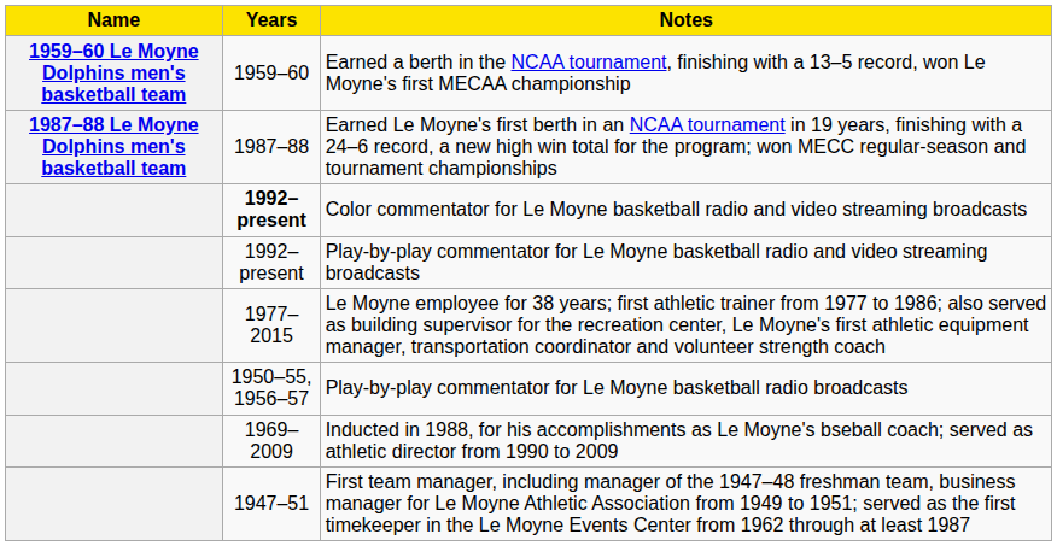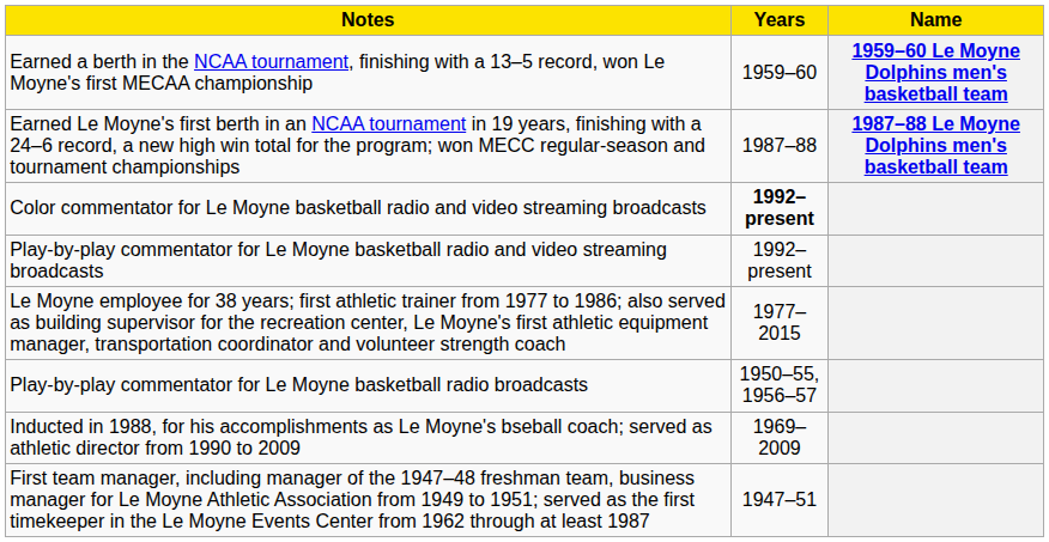 <table class=wikitable>
 <tr>
+<th class="unsortable" style="background-color:#fce300;"><span>Notes</span></th>
+<th style="background-color:#fce300;"><span>Years</span></th>
 <th style="background-color:#fce300;"><span>Name</span></th>
-<th style="background-color:#fce300;"><span>Years</span></th>
-<th class="unsortable" style="background-color:#fce300;"><span>Notes</span></th>
 </tr>
 <tr>
+<td>Earned a berth in the <a href='#'>NCAA tournament</a>, finishing with a 13–5 record, won Le Moyne's first MECAA championship</td>
+<td style="white-space: nowrap; text-align:center">1959–60</td>
 <th style="text-align:center"><a href='#'>1959–60 Le Moyne Dolphins men's basketball team</a></th>
-<td style="white-space: nowrap; text-align:center">1959–60</td>
-<td>Earned a berth in the <a href='#'>NCAA tournament</a>, finishing with a 13–5 record, won Le Moyne's first MECAA championship</td>
 </tr>
 <tr>
+<td>Earned Le Moyne's first berth in an <a href='#'>NCAA tournament</a> in 19 years, finishing with a 24–6 record, a new high win total for the program; won MECC regular-season and tournament championships</td>
+<td style="text-align:center">1987–88</td>
 <th style="text-align:center"><a href='#'>1987–88 Le Moyne Dolphins men's basketball team</a></th>
-<td style="text-align:center">1987–88</td>
-<td>Earned Le Moyne's first berth in an <a href='#'>NCAA tournament</a> in 19 years, finishing with a 24–6 record, a new high win total for the program; won MECC regular-season and tournament championships</td>
 </tr>
 <tr>
+<td>Color commentator for Le Moyne basketball radio and video streaming broadcasts</td>
+<td style="text-align:center"><strong>1992–present</strong></td>
 <th style="text-align:center"></th>
-<td style="text-align:center"><strong>1992–present</strong></td>
-<td>Color commentator for Le Moyne basketball radio and video streaming broadcasts</td>
 </tr>
 <tr>
+<td>Play-by-play commentator for Le Moyne basketball radio and video streaming broadcasts</td>
+<td style="text-align:center">1992–present</td>
 <th style="text-align:center"></th>
-<td style="text-align:center">1992–present</td>
-<td>Play-by-play commentator for Le Moyne basketball radio and video streaming broadcasts</td>
 </tr>
 <tr>
+<td>Le Moyne employee for 38 years; first athletic trainer from 1977 to 1986; also served as building supervisor for the recreation center, Le Moyne's first athletic equipment manager, transportation coordinator and volunteer strength coach</td>
+<td style="text-align:center">1977–2015</td>
 <th style="text-align:center"></th>
-<td style="text-align:center">1977–2015</td>
-<td>Le Moyne employee for 38 years; first athletic trainer from 1977 to 1986; also served as building supervisor for the recreation center, Le Moyne's first athletic equipment manager, transportation coordinator and volunteer strength coach</td>
 </tr>
 <tr>
+<td>Play-by-play commentator for Le Moyne basketball radio broadcasts</td>
+<td style="text-align:center">1950–55,<br>1956–57</td>
 <th style="white-space: nowrap; text-align:center"></th>
-<td style="text-align:center">1950–55,<br>1956–57</td>
-<td>Play-by-play commentator for Le Moyne basketball radio broadcasts</td>
 </tr>
 <tr>
+<td>Inducted in 1988, for his accomplishments as Le Moyne's bseball coach; served as athletic director from 1990 to 2009</td>
+<td style="text-align:center">1969–2009</td>
 <th style="white-space: nowrap; text-align:center"></th>
-<td style="text-align:center">1969–2009</td>
-<td>Inducted in 1988, for his accomplishments as Le Moyne's bseball coach; served as athletic director from 1990 to 2009</td>
 </tr>
 <tr>
+<td>First team manager, including manager of the 1947–48 freshman team, business manager for Le Moyne Athletic Association from 1949 to 1951; served as the first timekeeper in the Le Moyne Events Center from 1962 through at least 1987</td>
+<td style="text-align:center">1947–51</td>
 <th scope="row" style="text-align:center"></th>
-<td style="text-align:center">1947–51</td>
-<td>First team manager, including manager of the 1947–48 freshman team, business manager for Le Moyne Athletic Association from 1949 to 1951; served as the first timekeeper in the Le Moyne Events Center from 1962 through at least 1987</td>
 </tr>
 </table>
